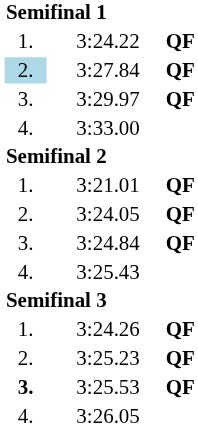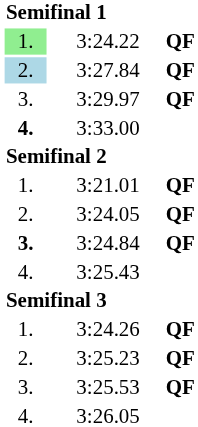 <table style="text-align:center">
 <tr>
 <td colspan=4 align=left><strong>Semifinal 1</strong></td>
 </tr>
 <tr>
-<td width=30>1.</td>
+<td width=30 style="background: lightgreen;">1.</td>
 <td align=left></td>
 <td width=80>3:24.22</td>
 <td><strong>QF</strong></td>
 </tr>
 <tr>
 <td style="background: lightblue;">2.</td>
 <td align=left></td>
 <td>3:27.84</td>
 <td><strong>QF</strong></td>
 </tr>
 <tr>
 <td>3.</td>
 <td align=left></td>
 <td>3:29.97</td>
 <td><strong>QF</strong></td>
 </tr>
 <tr>
-<td>4.</td>
+<td><strong>4.</strong></td>
 <td align=left></td>
 <td>3:33.00</td>
 <td></td>
 </tr>
 <tr>
 <td colspan=4 align=left><strong>Semifinal 2</strong></td>
 </tr>
 <tr>
 <td>1.</td>
 <td align=left></td>
 <td>3:21.01</td>
 <td><strong>QF</strong></td>
 </tr>
 <tr>
 <td>2.</td>
 <td align=left></td>
 <td>3:24.05</td>
 <td><strong>QF</strong></td>
 </tr>
 <tr>
-<td>3.</td>
+<td><strong>3.</strong></td>
 <td align=left></td>
 <td>3:24.84</td>
 <td><strong>QF</strong></td>
 </tr>
 <tr>
 <td>4.</td>
 <td align=left></td>
 <td>3:25.43</td>
 <td></td>
 </tr>
 <tr>
 <td colspan=4 align=left><strong>Semifinal 3</strong></td>
 </tr>
 <tr>
 <td>1.</td>
 <td align=left></td>
 <td>3:24.26</td>
 <td><strong>QF</strong></td>
 </tr>
 <tr>
 <td>2.</td>
 <td align=left></td>
 <td>3:25.23</td>
 <td><strong>QF</strong></td>
 </tr>
 <tr>
-<td><strong>3.</strong></td>
+<td>3.</td>
 <td align=left></td>
 <td>3:25.53</td>
 <td><strong>QF</strong></td>
 </tr>
 <tr>
 <td>4.</td>
 <td align=left></td>
 <td>3:26.05</td>
 <td></td>
 </tr>
 </table>
